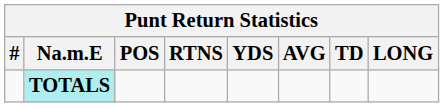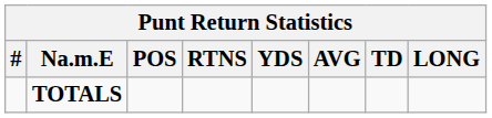 <table class="wikitable sortable collapsible collapsed">
 <tr>
 <th colspan="8">Punt Return Statistics</th>
 </tr>
 <tr>
 <th>#</th>
 <th>Na.m.E</th>
 <th>POS</th>
 <th>RTNS</th>
 <th>YDS</th>
 <th>AVG</th>
 <th>TD</th>
 <th>LONG</th>
 </tr>
 <tr>
 <td></td>
-<td style="background: paleturquoise;"><strong>TOTALS</strong></td>
+<td><strong>TOTALS</strong></td>
 <td></td>
 <td></td>
 <td></td>
 <td></td>
 <td></td>
 <td></td>
 </tr>
 </table>
